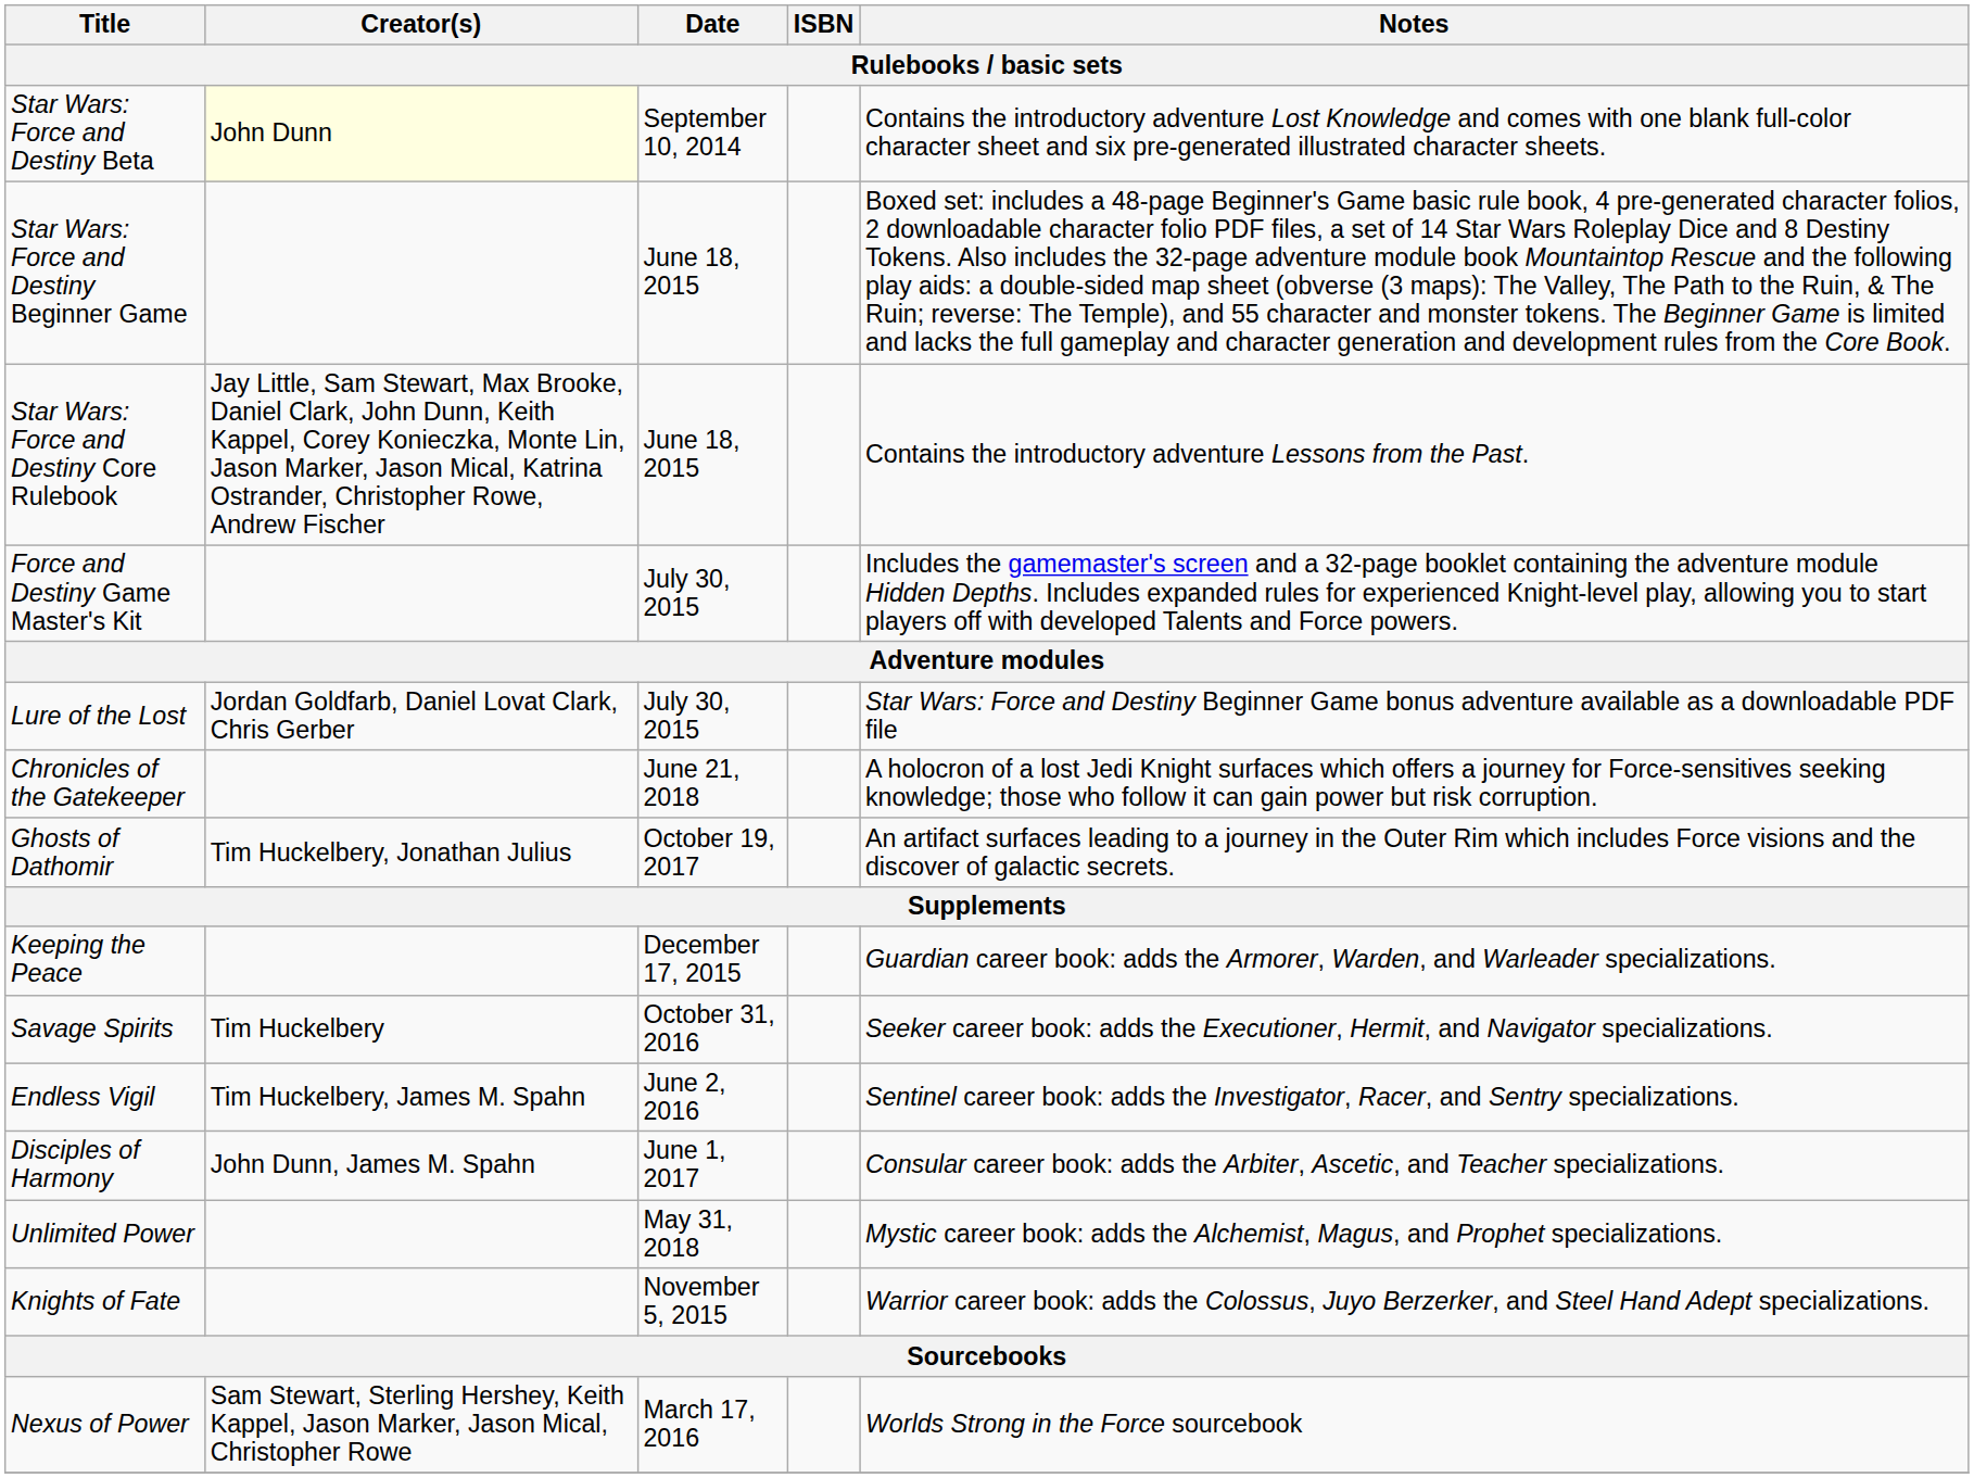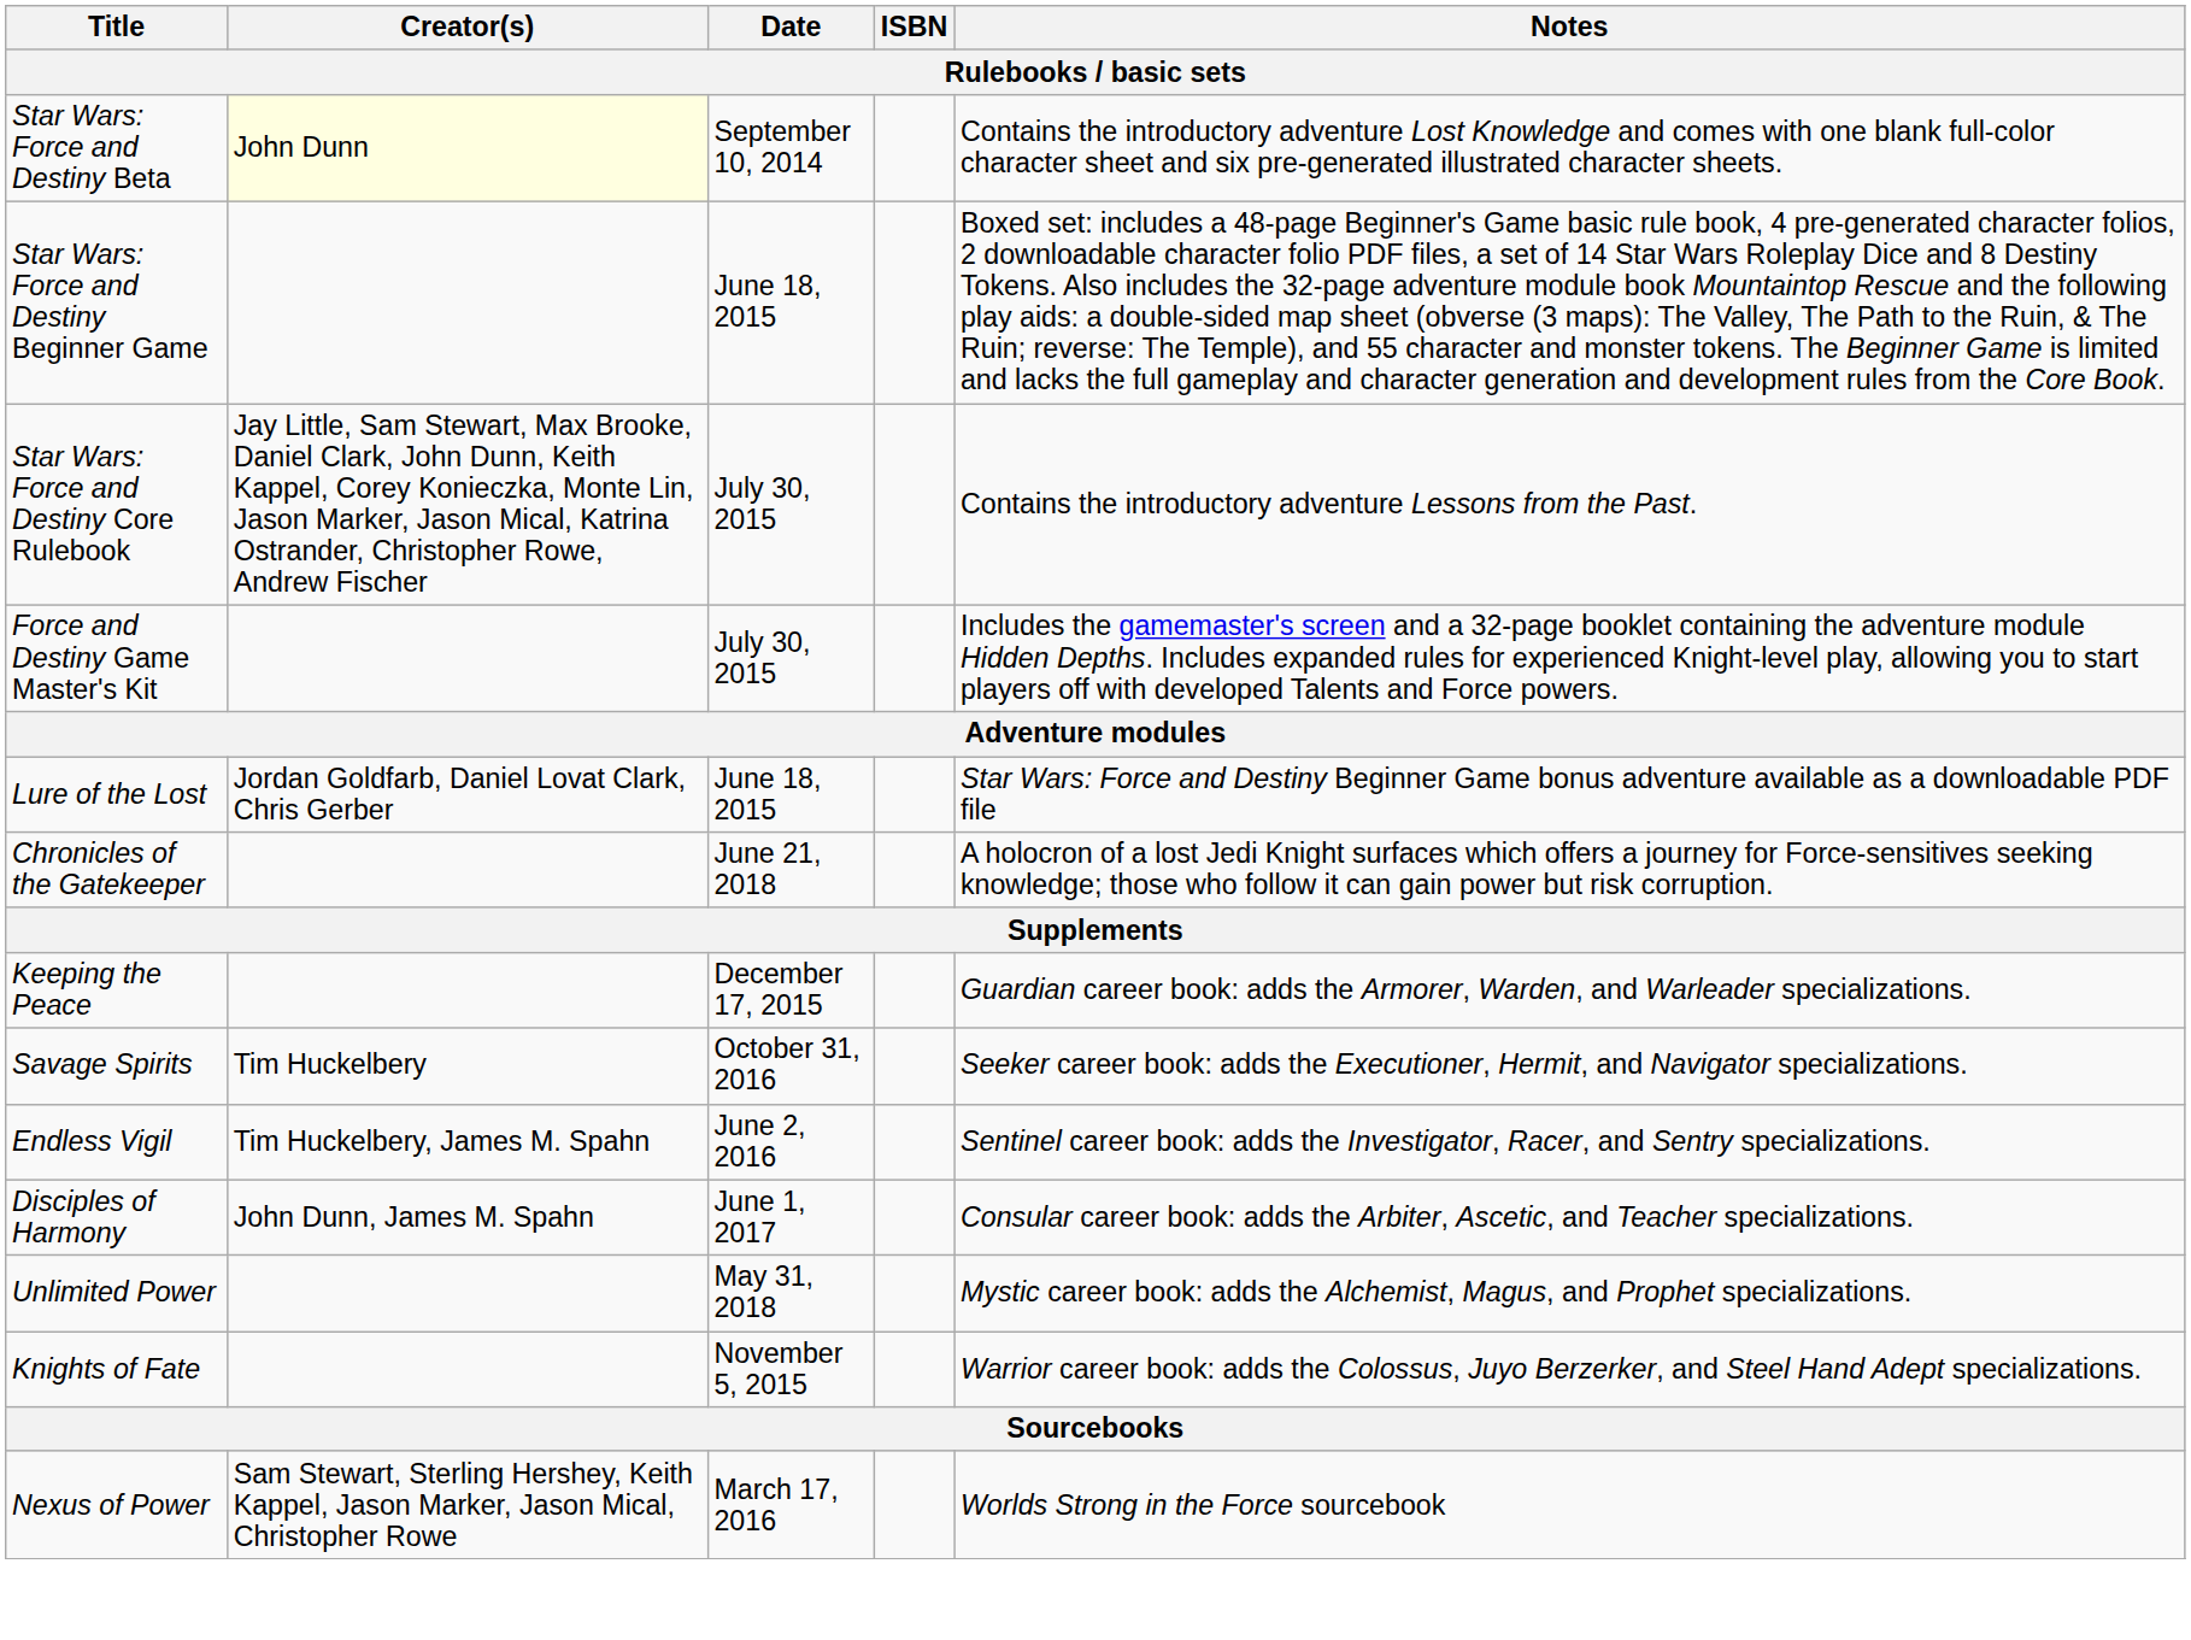 <table class="wikitable sortable" style="margins:auto">
 <tr>
 <th>Title</th>
 <th>Creator(s)</th>
 <th>Date</th>
 <th>ISBN</th>
 <th>Notes</th>
 </tr>
 <tr>
 <th colspan="5">Rulebooks / basic sets</th>
 </tr>
 <tr>
 <td><em>Star Wars: Force and Destiny</em> Beta</td>
 <td style="background: lightyellow;">John Dunn</td>
 <td>September 10, 2014</td>
 <td></td>
 <td>Contains the introductory adventure <em>Lost Knowledge</em> and comes with one blank full-color character sheet and six pre-generated illustrated character sheets.</td>
 </tr>
 <tr>
 <td><em>Star Wars: Force and Destiny</em> Beginner Game</td>
 <td></td>
 <td>June 18, 2015</td>
 <td></td>
 <td>Boxed set: includes a 48-page Beginner's Game basic rule book, 4 pre-generated character folios, 2 downloadable character folio PDF files, a set of 14 Star Wars Roleplay Dice and 8 Destiny Tokens. Also includes the 32-page adventure module book <em>Mountaintop Rescue</em> and the following play aids: a double-sided map sheet (obverse (3 maps): The Valley, The Path to the Ruin, & The Ruin; reverse: The Temple), and 55 character and monster tokens. The <em>Beginner Game</em> is limited and lacks the full gameplay and character generation and development rules from the <em>Core Book</em>.</td>
 </tr>
 <tr>
 <td><em>Star Wars: Force and Destiny</em> Core Rulebook</td>
 <td>Jay Little, Sam Stewart, Max Brooke, Daniel Clark, John Dunn, Keith Kappel, Corey Konieczka, Monte Lin, Jason Marker, Jason Mical, Katrina Ostrander, Christopher Rowe, Andrew Fischer</td>
-<td>June 18, 2015</td>
+<td>July 30, 2015</td>
 <td></td>
 <td>Contains the introductory adventure <em>Lessons from the Past</em>.</td>
 </tr>
 <tr>
 <td><em>Force and Destiny</em> Game Master's Kit</td>
 <td></td>
 <td>July 30, 2015</td>
 <td></td>
 <td>Includes the <a href='#'>gamemaster's screen</a> and a 32-page booklet containing the adventure module <em>Hidden Depths</em>. Includes expanded rules for experienced Knight-level play, allowing you to start players off with developed Talents and Force powers.</td>
 </tr>
 <tr>
 <th colspan="5">Adventure modules</th>
 </tr>
 <tr>
 <td><em>Lure of the Lost</em></td>
 <td>Jordan Goldfarb, Daniel Lovat Clark, Chris Gerber</td>
-<td>July 30, 2015</td>
+<td>June 18, 2015</td>
 <td></td>
 <td><em>Star Wars: Force and Destiny</em> Beginner Game bonus adventure available as a downloadable PDF file</td>
 </tr>
 <tr>
 <td><em>Chronicles of the Gatekeeper</em></td>
 <td></td>
 <td>June 21, 2018</td>
 <td></td>
 <td>A holocron of a lost Jedi Knight surfaces which offers a journey for Force-sensitives seeking knowledge; those who follow it can gain power but risk corruption.</td>
-</tr>
-<tr>
-<td><em>Ghosts of Dathomir</em></td>
-<td>Tim Huckelbery, Jonathan Julius</td>
-<td>October 19, 2017</td>
-<td></td>
-<td>An artifact surfaces leading to a journey in the Outer Rim which includes Force visions and the discover of galactic secrets.</td>
 </tr>
 <tr>
 <th colspan="5">Supplements</th>
 </tr>
 <tr>
 <td><em>Keeping the Peace</em></td>
 <td></td>
 <td>December 17, 2015</td>
 <td></td>
 <td><em>Guardian</em> career book: adds the <em>Armorer</em>, <em>Warden</em>, and <em>Warleader</em> specializations.</td>
 </tr>
 <tr>
 <td><em>Savage Spirits</em></td>
 <td>Tim Huckelbery</td>
 <td>October 31, 2016</td>
 <td></td>
 <td><em>Seeker</em> career book: adds the <em>Executioner</em>, <em>Hermit</em>, and <em>Navigator</em> specializations.</td>
 </tr>
 <tr>
 <td><em>Endless Vigil</em></td>
 <td>Tim Huckelbery, James M. Spahn</td>
 <td>June 2, 2016</td>
 <td></td>
 <td><em>Sentinel</em> career book: adds the <em>Investigator</em>, <em>Racer</em>, and <em>Sentry</em> specializations.</td>
 </tr>
 <tr>
 <td><em>Disciples of Harmony</em></td>
 <td>John Dunn, James M. Spahn</td>
 <td>June 1, 2017</td>
 <td></td>
 <td><em>Consular</em> career book: adds the <em>Arbiter</em>, <em>Ascetic</em>, and <em>Teacher</em> specializations.</td>
 </tr>
 <tr>
 <td><em>Unlimited Power</em></td>
 <td></td>
 <td>May 31, 2018</td>
 <td></td>
 <td><em>Mystic</em> career book: adds the <em>Alchemist</em>, <em>Magus</em>, and <em>Prophet</em> specializations.</td>
 </tr>
 <tr>
 <td><em>Knights of Fate</em></td>
 <td></td>
 <td>November 5, 2015</td>
 <td></td>
 <td><em>Warrior</em> career book: adds the <em>Colossus</em>, <em>Juyo Berzerker</em>, and <em>Steel Hand Adept</em> specializations.</td>
 </tr>
 <tr>
 <th colspan="5">Sourcebooks</th>
 </tr>
 <tr>
 <td><em>Nexus of Power</em></td>
 <td>Sam Stewart, Sterling Hershey, Keith Kappel, Jason Marker, Jason Mical, Christopher Rowe</td>
 <td>March 17, 2016</td>
 <td></td>
 <td><em>Worlds Strong in the Force</em> sourcebook</td>
 </tr>
 <tr>
 </tr>
 </table>
